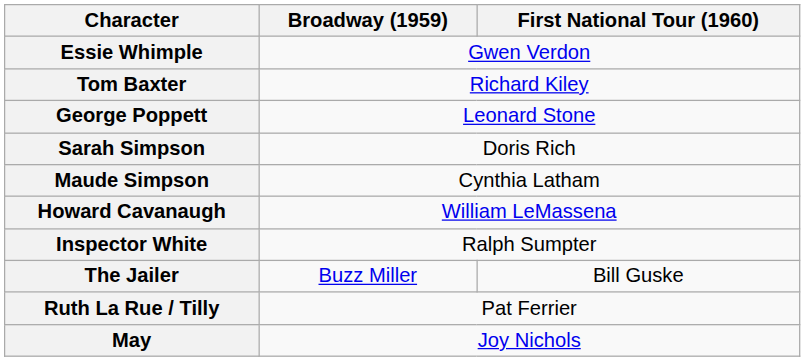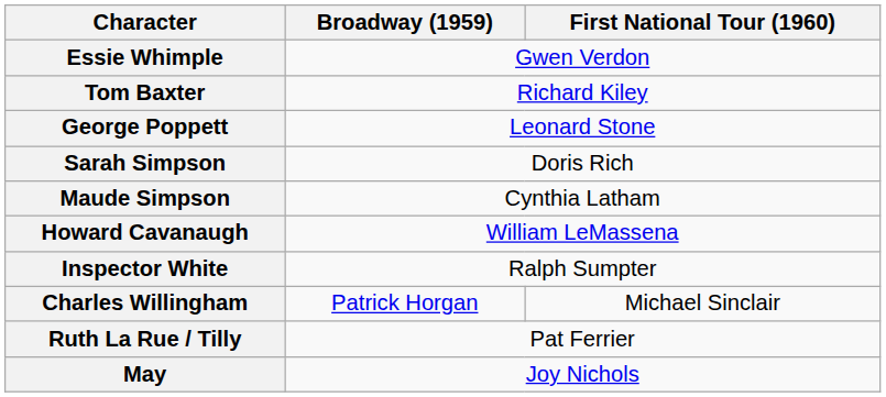 <table class="wikitable" style="width:50%; text-align:center">
 <tr>
 <th scope="col">Character</th>
 <th>Broadway (1959)</th>
 <th>First National Tour (1960)</th>
 </tr>
 <tr>
 <th>Essie Whimple</th>
 <td colspan="2"><a href='#'>Gwen Verdon</a></td>
 </tr>
 <tr>
 <th>Tom Baxter</th>
 <td colspan="2”"><a href='#'>Richard Kiley</a></td>
 </tr>
 <tr>
 <th>George Poppett</th>
 <td colspan="2”"><a href='#'>Leonard Stone</a></td>
 </tr>
 <tr>
 <th>Sarah Simpson</th>
 <td colspan="2">Doris Rich</td>
 </tr>
 <tr>
 <th>Maude Simpson</th>
 <td colspan="2">Cynthia Latham</td>
 </tr>
 <tr>
 <th>Howard Cavanaugh</th>
 <td colspan="2"><a href='#'>William LeMassena</a></td>
 </tr>
 <tr>
 <th>Inspector White</th>
 <td colspan="2">Ralph Sumpter</td>
 </tr>
 <tr>
-<th>The Jailer</th>
-<td colspan="1"><a href='#'>Buzz Miller</a></td>
-<td colspan="1">Bill Guske</td>
+<th>Charles Willingham</th>
+<td colspan="1"><a href='#'>Patrick Horgan</a></td>
+<td colspan="1">Michael Sinclair</td>
 </tr>
 <tr>
 <th>Ruth La Rue / Tilly</th>
 <td colspan="2">Pat Ferrier</td>
 </tr>
 <tr>
 <th>May</th>
 <td colspan="2"><a href='#'>Joy Nichols</a></td>
 </tr>
 </table>
